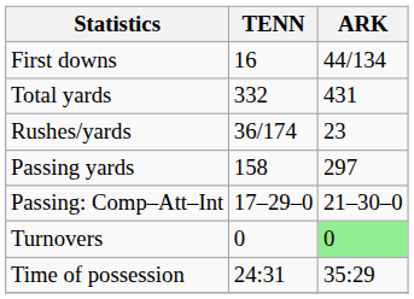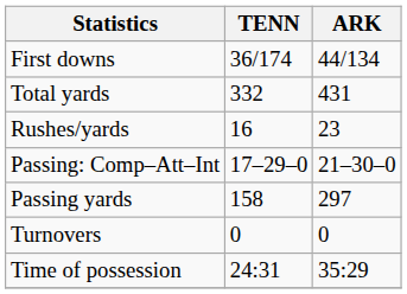 <table class="wikitable" style="float: left;">
 <tr>
 <th>Statistics</th>
 <th>TENN</th>
 <th>ARK</th>
 </tr>
 <tr>
 <td>First downs</td>
-<td>16</td>
+<td>36/174</td>
 <td>44/134</td>
 </tr>
 <tr>
 <td>Total yards</td>
 <td>332</td>
 <td>431</td>
 </tr>
 <tr>
 <td>Rushes/yards</td>
-<td>36/174</td>
+<td>16</td>
 <td>23</td>
+</tr>
+<tr>
+<td>Passing: Comp–Att–Int</td>
+<td>17–29–0</td>
+<td>21–30–0</td>
 </tr>
 <tr>
 <td>Passing yards</td>
 <td>158</td>
 <td>297</td>
 </tr>
 <tr>
-<td>Passing: Comp–Att–Int</td>
-<td>17–29–0</td>
-<td>21–30–0</td>
-</tr>
-<tr>
 <td>Turnovers</td>
 <td>0</td>
-<td style="background: lightgreen;">0</td>
+<td>0</td>
 </tr>
 <tr>
 <td>Time of possession</td>
 <td>24:31</td>
 <td>35:29</td>
 </tr>
 <tr>
 </tr>
 </table>
